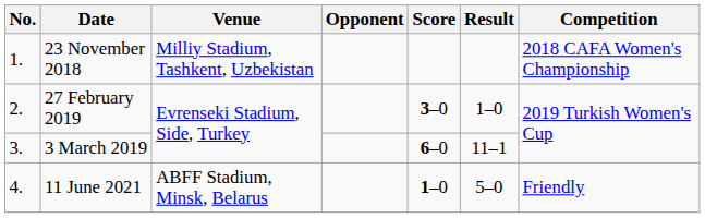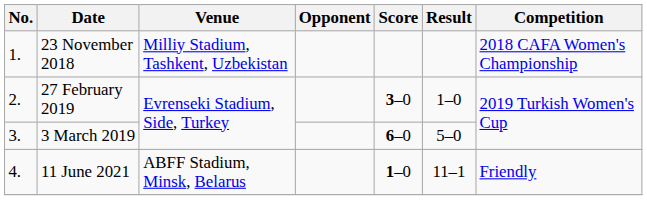 <table class="wikitable">
 <tr>
 <th>No.</th>
 <th>Date</th>
 <th>Venue</th>
 <th>Opponent</th>
 <th>Score</th>
 <th>Result</th>
 <th>Competition</th>
 </tr>
 <tr>
 <td>1.</td>
 <td>23 November 2018</td>
 <td><a href='#'>Milliy Stadium</a>, <a href='#'>Tashkent</a>, <a href='#'>Uzbekistan</a></td>
 <td></td>
 <td></td>
 <td></td>
 <td><a href='#'>2018 CAFA Women's Championship</a></td>
 </tr>
 <tr>
 <td>2.</td>
 <td>27 February 2019</td>
 <td rowspan=2><a href='#'>Evrenseki Stadium</a>, <a href='#'>Side</a>, <a href='#'>Turkey</a></td>
 <td></td>
 <td align=center><strong>3</strong>–0</td>
 <td align=center>1–0</td>
 <td rowspan=2><a href='#'>2019 Turkish Women's Cup</a></td>
 </tr>
 <tr>
 <td>3.</td>
 <td>3 March 2019</td>
 <td></td>
 <td align=center><strong>6</strong>–0</td>
-<td align=center>11–1</td>
+<td align=center>5–0</td>
 </tr>
 <tr>
 <td>4.</td>
 <td>11 June 2021</td>
 <td>ABFF Stadium, <a href='#'>Minsk</a>, <a href='#'>Belarus</a></td>
 <td></td>
 <td align=center><strong>1</strong>–0</td>
-<td align=center>5–0</td>
+<td align=center>11–1</td>
 <td><a href='#'>Friendly</a></td>
 </tr>
 <tr>
 </tr>
 </table>
